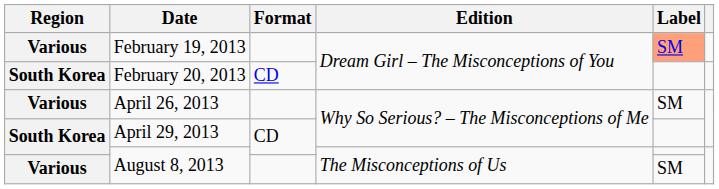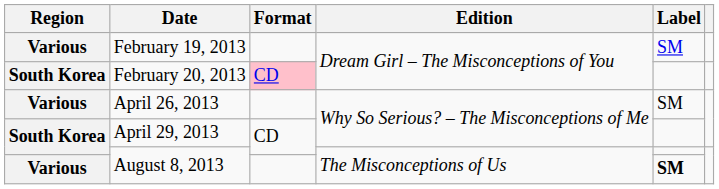 <table class="wikitable plainrowheaders">
 <tr>
 <th scope="col">Region</th>
 <th scope="col">Date</th>
 <th scope="col">Format</th>
 <th scope="col">Edition</th>
 <th scope="col">Label</th>
 <th scope="col"></th>
 </tr>
 <tr>
 <th scope="row">Various</th>
 <td>February 19, 2013</td>
 <td></td>
 <td rowspan="2"><em>Dream Girl – The Misconceptions of You</em></td>
-<td style="background: lightsalmon;"><a href='#'>SM</a></td>
+<td><a href='#'>SM</a></td>
 <td style="text-align:center"></td>
 </tr>
 <tr>
 <th scope="row">South Korea</th>
 <td>February 20, 2013</td>
-<td><a href='#'>CD</a></td>
+<td style="background: pink;"><a href='#'>CD</a></td>
 <td></td>
 <td style="text-align:center"></td>
 </tr>
 <tr>
 <th scope="row">Various</th>
 <td>April 26, 2013</td>
 <td></td>
 <td rowspan="2"><em>Why So Serious? – The Misconceptions of Me</em></td>
 <td>SM</td>
 <td style="text-align:center" rowspan="2"></td>
 </tr>
 <tr>
 <th scope="row" rowspan="2">South Korea</th>
 <td>April 29, 2013</td>
 <td rowspan="2">CD</td>
 <td></td>
 </tr>
 <tr>
 <td rowspan="2">August 8, 2013</td>
 <td rowspan="2"><em>The Misconceptions of Us</em></td>
 <td></td>
 <td style="text-align:center" rowspan="2"></td>
 </tr>
 <tr>
 <th scope="row">Various</th>
 <td></td>
-<td>SM</td>
+<td><strong>SM</strong></td>
 </tr>
 </table>
